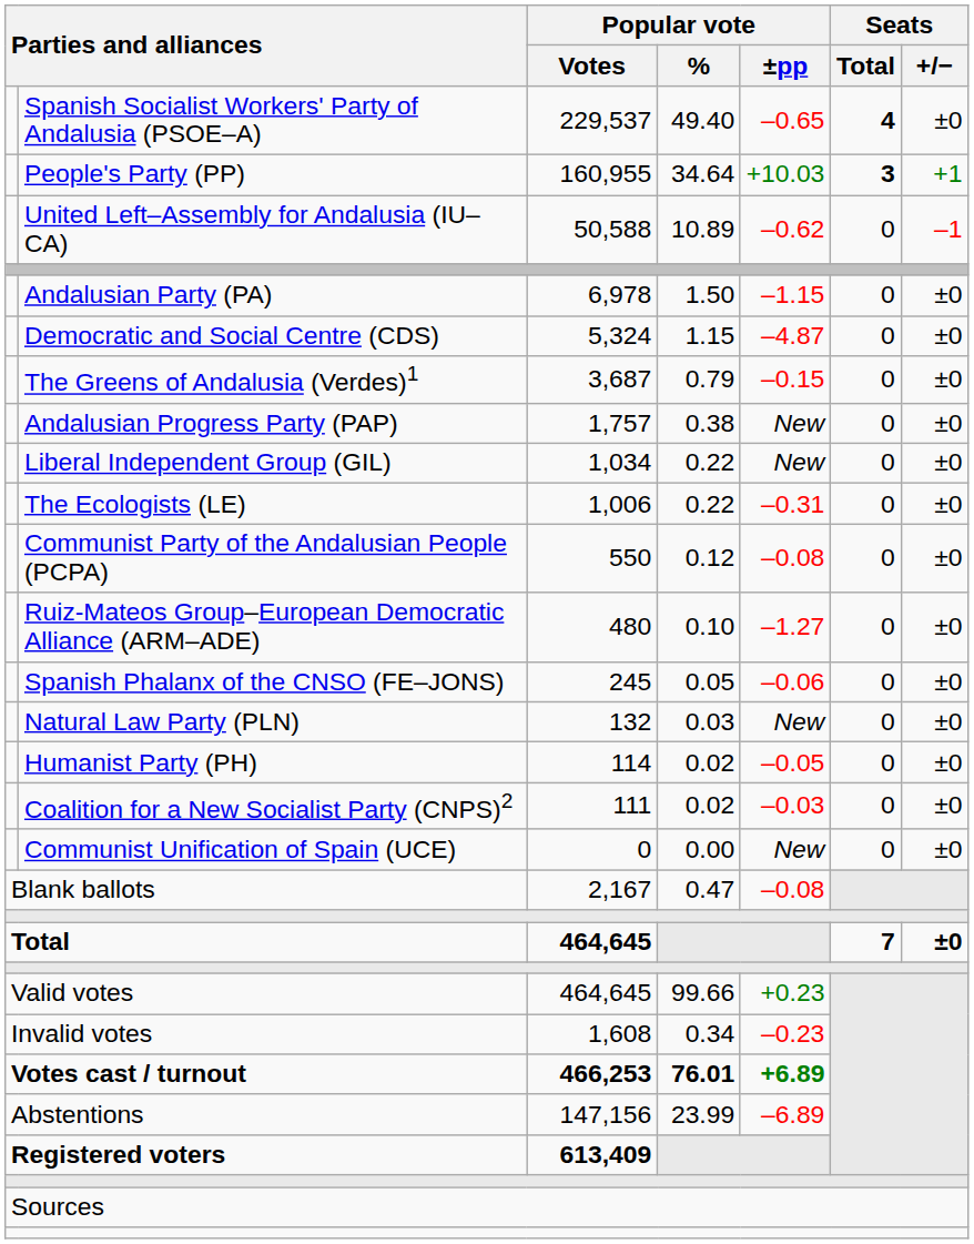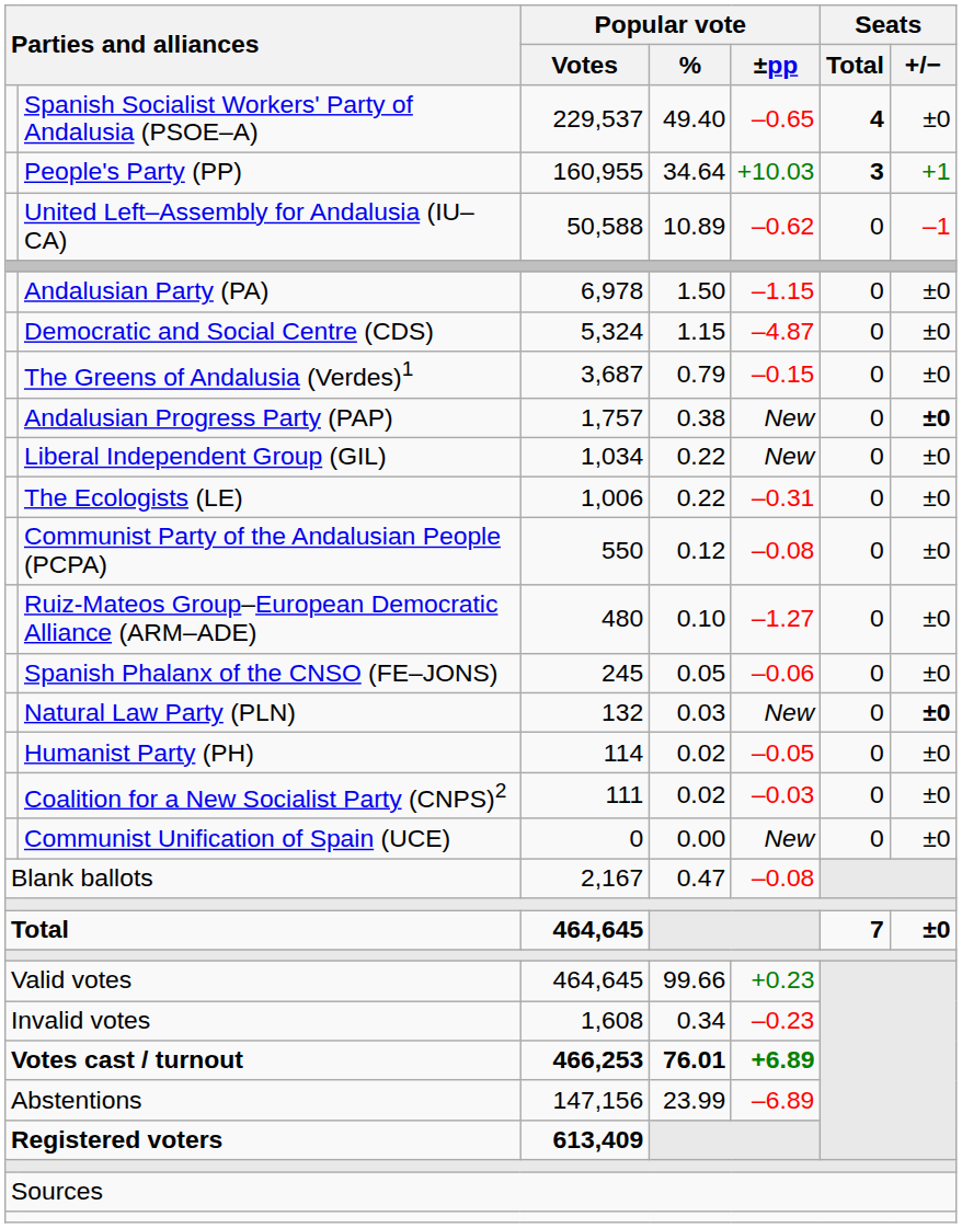 <table class="wikitable" style="text-align:right;">
 <tr>
 <th style="text-align:left;" rowspan="2" colspan="2" width="525">Parties and alliances</th>
 <th colspan="3">Popular vote</th>
 <th colspan="2">Seats</th>
 </tr>
 <tr>
 <th width="75">Votes</th>
 <th width="45">%</th>
 <th width="45">±<a href='#'>pp</a></th>
 <th width="35">Total</th>
 <th width="35">+/−</th>
 </tr>
 <tr>
 <td width="1" style="color:inherit;background:"></td>
 <td align="left"><a href='#'>Spanish Socialist Workers' Party of Andalusia</a> (PSOE–A)</td>
 <td>229,537</td>
 <td>49.40</td>
 <td style="color:red;">–0.65</td>
 <td><strong>4</strong></td>
 <td>±0</td>
 </tr>
 <tr>
 <td style="color:inherit;background:"></td>
 <td align="left"><a href='#'>People's Party</a> (PP)</td>
 <td>160,955</td>
 <td>34.64</td>
 <td style="color:green;">+10.03</td>
 <td><strong>3</strong></td>
 <td style="color:green;">+1</td>
 </tr>
 <tr>
 <td style="color:inherit;background:"></td>
 <td align="left"><a href='#'>United Left–Assembly for Andalusia</a> (IU–CA)</td>
 <td>50,588</td>
 <td>10.89</td>
 <td style="color:red;">–0.62</td>
 <td>0</td>
 <td style="color:red;">–1</td>
 </tr>
 <tr>
 <td colspan="7" bgcolor="#C0C0C0"></td>
 </tr>
 <tr>
 <td style="color:inherit;background:"></td>
 <td align="left"><a href='#'>Andalusian Party</a> (PA)</td>
 <td>6,978</td>
 <td>1.50</td>
 <td style="color:red;">–1.15</td>
 <td>0</td>
 <td>±0</td>
 </tr>
 <tr>
 <td style="color:inherit;background:"></td>
 <td align="left"><a href='#'>Democratic and Social Centre</a> (CDS)</td>
 <td>5,324</td>
 <td>1.15</td>
 <td style="color:red;">–4.87</td>
 <td>0</td>
 <td>±0</td>
 </tr>
 <tr>
 <td style="color:inherit;background:"></td>
 <td align="left"><a href='#'>The Greens of Andalusia</a> (Verdes)<sup>1</sup></td>
 <td>3,687</td>
 <td>0.79</td>
 <td style="color:red;">–0.15</td>
 <td>0</td>
 <td>±0</td>
 </tr>
 <tr>
 <td style="color:inherit;background:"></td>
 <td align="left"><a href='#'>Andalusian Progress Party</a> (PAP)</td>
 <td>1,757</td>
 <td>0.38</td>
 <td><em>New</em></td>
 <td>0</td>
-<td>±0</td>
+<td><strong>±0</strong></td>
 </tr>
 <tr>
 <td style="color:inherit;background:"></td>
 <td align="left"><a href='#'>Liberal Independent Group</a> (GIL)</td>
 <td>1,034</td>
 <td>0.22</td>
 <td><em>New</em></td>
 <td>0</td>
 <td>±0</td>
 </tr>
 <tr>
 <td style="color:inherit;background:"></td>
 <td align="left"><a href='#'>The Ecologists</a> (LE)</td>
 <td>1,006</td>
 <td>0.22</td>
 <td style="color:red;">–0.31</td>
 <td>0</td>
 <td>±0</td>
 </tr>
 <tr>
 <td style="color:inherit;background:"></td>
 <td align="left"><a href='#'>Communist Party of the Andalusian People</a> (PCPA)</td>
 <td>550</td>
 <td>0.12</td>
 <td style="color:red;">–0.08</td>
 <td>0</td>
 <td>±0</td>
 </tr>
 <tr>
 <td style="color:inherit;background:"></td>
 <td align="left"><a href='#'>Ruiz-Mateos Group</a>–<a href='#'>European Democratic Alliance</a> (ARM–ADE)</td>
 <td>480</td>
 <td>0.10</td>
 <td style="color:red;">–1.27</td>
 <td>0</td>
 <td>±0</td>
 </tr>
 <tr>
 <td style="color:inherit;background:"></td>
 <td align="left"><a href='#'>Spanish Phalanx of the CNSO</a> (FE–JONS)</td>
 <td>245</td>
 <td>0.05</td>
 <td style="color:red;">–0.06</td>
 <td>0</td>
 <td>±0</td>
 </tr>
 <tr>
 <td style="color:inherit;background:"></td>
 <td align="left"><a href='#'>Natural Law Party</a> (PLN)</td>
 <td>132</td>
 <td>0.03</td>
 <td><em>New</em></td>
 <td>0</td>
-<td>±0</td>
+<td><strong>±0</strong></td>
 </tr>
 <tr>
 <td style="color:inherit;background:"></td>
 <td align="left"><a href='#'>Humanist Party</a> (PH)</td>
 <td>114</td>
 <td>0.02</td>
 <td style="color:red;">–0.05</td>
 <td>0</td>
 <td>±0</td>
 </tr>
 <tr>
 <td style="color:inherit;background:"></td>
 <td align="left"><a href='#'>Coalition for a New Socialist Party</a> (CNPS)<sup>2</sup></td>
 <td>111</td>
 <td>0.02</td>
 <td style="color:red;">–0.03</td>
 <td>0</td>
 <td>±0</td>
 </tr>
 <tr>
 <td style="color:inherit;background:"></td>
 <td align="left"><a href='#'>Communist Unification of Spain</a> (UCE)</td>
 <td>0</td>
 <td>0.00</td>
 <td><em>New</em></td>
 <td>0</td>
 <td>±0</td>
 </tr>
 <tr>
 <td align="left" colspan="2">Blank ballots</td>
 <td>2,167</td>
 <td>0.47</td>
 <td style="color:red;">–0.08</td>
 <td bgcolor="#E9E9E9" colspan="2"></td>
 </tr>
 <tr>
 <td colspan="7" bgcolor="#E9E9E9"></td>
 </tr>
 <tr style="font-weight:bold;">
 <td align="left" colspan="2">Total</td>
 <td>464,645</td>
 <td bgcolor="#E9E9E9" colspan="2"></td>
 <td>7</td>
 <td>±0</td>
 </tr>
 <tr>
 <td colspan="7" bgcolor="#E9E9E9"></td>
 </tr>
 <tr>
 <td align="left" colspan="2">Valid votes</td>
 <td>464,645</td>
 <td>99.66</td>
 <td style="color:green;">+0.23</td>
 <td bgcolor="#E9E9E9" colspan="2" rowspan="5"></td>
 </tr>
 <tr>
 <td align="left" colspan="2">Invalid votes</td>
 <td>1,608</td>
 <td>0.34</td>
 <td style="color:red;">–0.23</td>
 </tr>
 <tr style="font-weight:bold;">
 <td align="left" colspan="2">Votes cast / turnout</td>
 <td>466,253</td>
 <td>76.01</td>
 <td style="color:green;">+6.89</td>
 </tr>
 <tr>
 <td align="left" colspan="2">Abstentions</td>
 <td>147,156</td>
 <td>23.99</td>
 <td style="color:red;">–6.89</td>
 </tr>
 <tr style="font-weight:bold;">
 <td align="left" colspan="2">Registered voters</td>
 <td>613,409</td>
 <td bgcolor="#E9E9E9" colspan="2"></td>
 </tr>
 <tr>
 <td colspan="7" bgcolor="#E9E9E9"></td>
 </tr>
 <tr>
 <td align="left" colspan="7">Sources</td>
 </tr>
 <tr>
 <td colspan="7" style="text-align:left; max-width:790px;"></td>
 </tr>
 </table>
